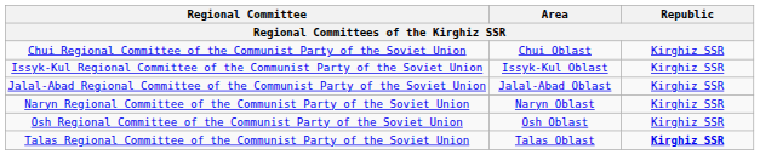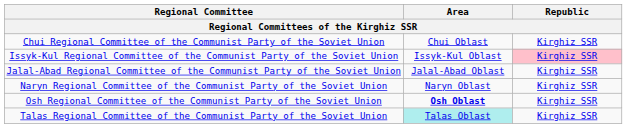 <table class="wikitable" style="text-align:center">
 <tr>
 <th>Regional Committee</th>
 <th width="150">Area</th>
 <th width="150">Republic</th>
 </tr>
 <tr>
 <th colspan="3"><strong>Regional Committees of the Kirghiz SSR</strong></th>
 </tr>
 <tr>
 <td><a href='#'>Chui Regional Committee of the Communist Party of the Soviet Union</a></td>
 <td><a href='#'>Chui Oblast</a></td>
 <td> <a href='#'>Kirghiz SSR</a></td>
 </tr>
 <tr>
 <td><a href='#'>Issyk-Kul Regional Committee of the Communist Party of the Soviet Union</a></td>
 <td><a href='#'>Issyk-Kul Oblast</a></td>
-<td> <a href='#'>Kirghiz SSR</a></td>
+<td style="background: pink;"> <a href='#'>Kirghiz SSR</a></td>
 </tr>
 <tr>
 <td><a href='#'>Jalal-Abad Regional Committee of the Communist Party of the Soviet Union</a></td>
 <td><a href='#'>Jalal-Abad Oblast</a></td>
 <td> <a href='#'>Kirghiz SSR</a></td>
 </tr>
 <tr>
 <td><a href='#'>Naryn Regional Committee of the Communist Party of the Soviet Union</a></td>
 <td><a href='#'>Naryn Oblast</a></td>
 <td> <a href='#'>Kirghiz SSR</a></td>
 </tr>
 <tr>
 <td><a href='#'>Osh Regional Committee of the Communist Party of the Soviet Union</a></td>
-<td><a href='#'>Osh Oblast</a></td>
+<td><strong><a href='#'>Osh Oblast</a></strong></td>
 <td> <a href='#'>Kirghiz SSR</a></td>
 </tr>
 <tr>
 <td><a href='#'>Talas Regional Committee of the Communist Party of the Soviet Union</a></td>
-<td><a href='#'>Talas Oblast</a></td>
-<td><strong> <a href='#'>Kirghiz SSR</a></strong></td>
+<td style="background: paleturquoise;"><a href='#'>Talas Oblast</a></td>
+<td> <a href='#'>Kirghiz SSR</a></td>
 </tr>
 </table>
